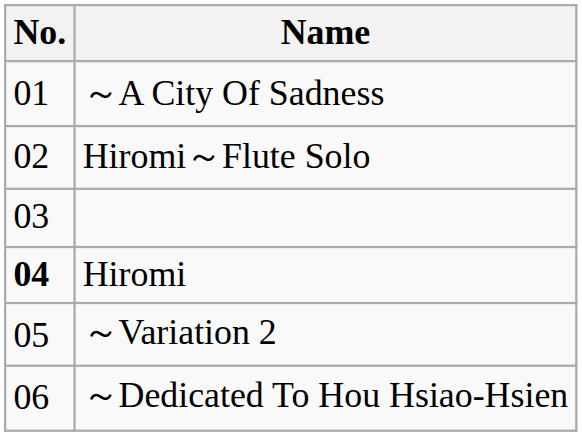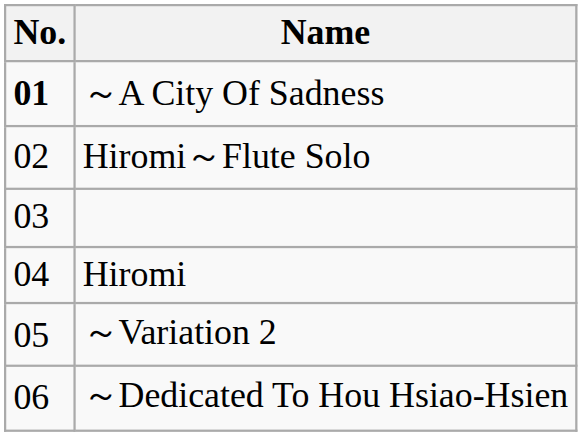 <table class="wikitable">
 <tr>
 <th>No.</th>
 <th>Name</th>
 </tr>
 <tr>
-<td>01</td>
+<td><strong>01</strong></td>
 <td>～A City Of Sadness</td>
 </tr>
 <tr>
 <td>02</td>
 <td>Hiromi～Flute Solo</td>
 </tr>
 <tr>
 <td>03</td>
 <td></td>
 </tr>
 <tr>
-<td><strong>04</strong></td>
+<td>04</td>
 <td>Hiromi</td>
 </tr>
 <tr>
 <td>05</td>
 <td>～Variation 2</td>
 </tr>
 <tr>
 <td>06</td>
 <td>～Dedicated To Hou Hsiao-Hsien</td>
 </tr>
 </table>
